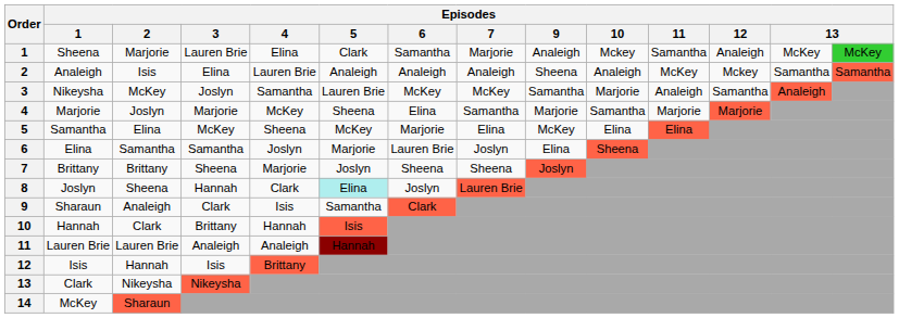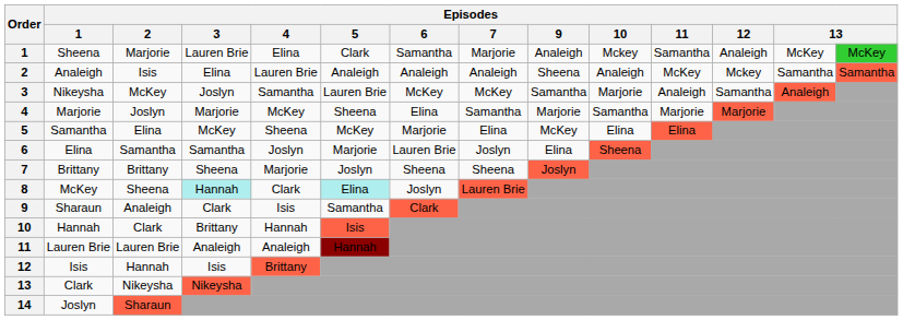 <table class="wikitable" style="text-align:center; font-size:90%; white-space:nowrap">
 <tr>
 <th rowspan=2>Order</th>
 <th colspan="13">Episodes</th>
 </tr>
 <tr>
 <th>1</th>
 <th>2</th>
 <th>3</th>
 <th>4</th>
 <th>5</th>
 <th>6</th>
 <th>7</th>
 <th>9</th>
 <th>10</th>
 <th>11</th>
 <th>12</th>
 <th colspan=2>13</th>
 </tr>
 <tr>
 <th>1</th>
 <td>Sheena</td>
 <td>Marjorie</td>
 <td>Lauren Brie</td>
 <td>Elina</td>
 <td>Clark</td>
 <td>Samantha</td>
 <td>Marjorie</td>
 <td>Analeigh</td>
 <td>Mckey</td>
 <td>Samantha</td>
 <td>Analeigh</td>
 <td>McKey</td>
 <td style="background:limegreen">McKey</td>
 </tr>
 <tr>
 <th>2</th>
 <td>Analeigh</td>
 <td>Isis</td>
 <td>Elina</td>
 <td>Lauren Brie</td>
 <td>Analeigh</td>
 <td>Analeigh</td>
 <td>Analeigh</td>
 <td>Sheena</td>
 <td>Analeigh</td>
 <td>McKey</td>
 <td>Mckey</td>
 <td>Samantha</td>
 <td style="background:tomato">Samantha</td>
 </tr>
 <tr>
 <th>3</th>
 <td>Nikeysha</td>
 <td>McKey</td>
 <td>Joslyn</td>
 <td>Samantha</td>
 <td>Lauren Brie</td>
 <td>McKey</td>
 <td>McKey</td>
 <td>Samantha</td>
 <td>Marjorie</td>
 <td>Analeigh</td>
 <td>Samantha</td>
 <td style="background:tomato">Analeigh</td>
 <td style="background:darkgrey"></td>
 </tr>
 <tr>
 <th>4</th>
 <td>Marjorie</td>
 <td>Joslyn</td>
 <td>Marjorie</td>
 <td>McKey</td>
 <td>Sheena</td>
 <td>Elina</td>
 <td>Samantha</td>
 <td>Marjorie</td>
 <td>Samantha</td>
 <td>Marjorie</td>
 <td style="background:tomato">Marjorie</td>
 <td colspan="2" style="background:darkgrey"></td>
 </tr>
 <tr>
 <th>5</th>
 <td>Samantha</td>
 <td>Elina</td>
 <td>McKey</td>
 <td>Sheena</td>
 <td>McKey</td>
 <td>Marjorie</td>
 <td>Elina</td>
 <td>McKey</td>
 <td>Elina</td>
 <td style="background:tomato">Elina</td>
 <td colspan="3" style="background:darkgrey"></td>
 </tr>
 <tr>
 <th>6</th>
 <td>Elina</td>
 <td>Samantha</td>
 <td>Samantha</td>
 <td>Joslyn</td>
 <td>Marjorie</td>
 <td>Lauren Brie</td>
 <td>Joslyn</td>
 <td>Elina</td>
 <td style="background:tomato">Sheena</td>
 <td colspan="4" style="background:darkgrey"></td>
 </tr>
 <tr>
 <th>7</th>
 <td>Brittany</td>
 <td>Brittany</td>
 <td>Sheena</td>
 <td>Marjorie</td>
 <td>Joslyn</td>
 <td>Sheena</td>
 <td>Sheena</td>
 <td style="background:tomato">Joslyn</td>
 <td colspan="5" style="background:darkgrey"></td>
 </tr>
 <tr>
 <th>8</th>
-<td>Joslyn</td>
+<td>McKey</td>
 <td>Sheena</td>
-<td>Hannah</td>
+<td style="background: paleturquoise;">Hannah</td>
 <td>Clark</td>
 <td style="background: paleturquoise;">Elina</td>
 <td>Joslyn</td>
 <td style="background:tomato">Lauren Brie</td>
 <td colspan="6" style="background:darkgrey"></td>
 </tr>
 <tr>
 <th>9</th>
 <td>Sharaun</td>
 <td>Analeigh</td>
 <td>Clark</td>
 <td>Isis</td>
 <td>Samantha</td>
 <td style="background:tomato">Clark</td>
 <td colspan="7" style="background:darkgrey"></td>
 </tr>
 <tr>
 <th>10</th>
 <td>Hannah</td>
 <td>Clark</td>
 <td>Brittany</td>
 <td>Hannah</td>
 <td style="background:tomato">Isis</td>
 <td colspan="8" rowspan="2" style="background:darkgrey"></td>
 </tr>
 <tr>
 <th>11</th>
 <td>Lauren Brie</td>
 <td>Lauren Brie</td>
 <td>Analeigh</td>
 <td>Analeigh</td>
 <td bgcolor="darkred"><span>Hannah</span></td>
 </tr>
 <tr>
 <th>12</th>
 <td>Isis</td>
 <td>Hannah</td>
 <td>Isis</td>
 <td style="background:tomato">Brittany</td>
 <td colspan="9" style="background:darkgrey"></td>
 </tr>
 <tr>
 <th>13</th>
 <td>Clark</td>
 <td>Nikeysha</td>
 <td style="background:tomato">Nikeysha</td>
 <td colspan="10" style="background:darkgrey"></td>
 </tr>
 <tr>
 <th>14</th>
-<td>McKey</td>
+<td>Joslyn</td>
 <td style="background:tomato">Sharaun</td>
 <td colspan="11" style="background:darkgrey"></td>
 </tr>
 </table>
